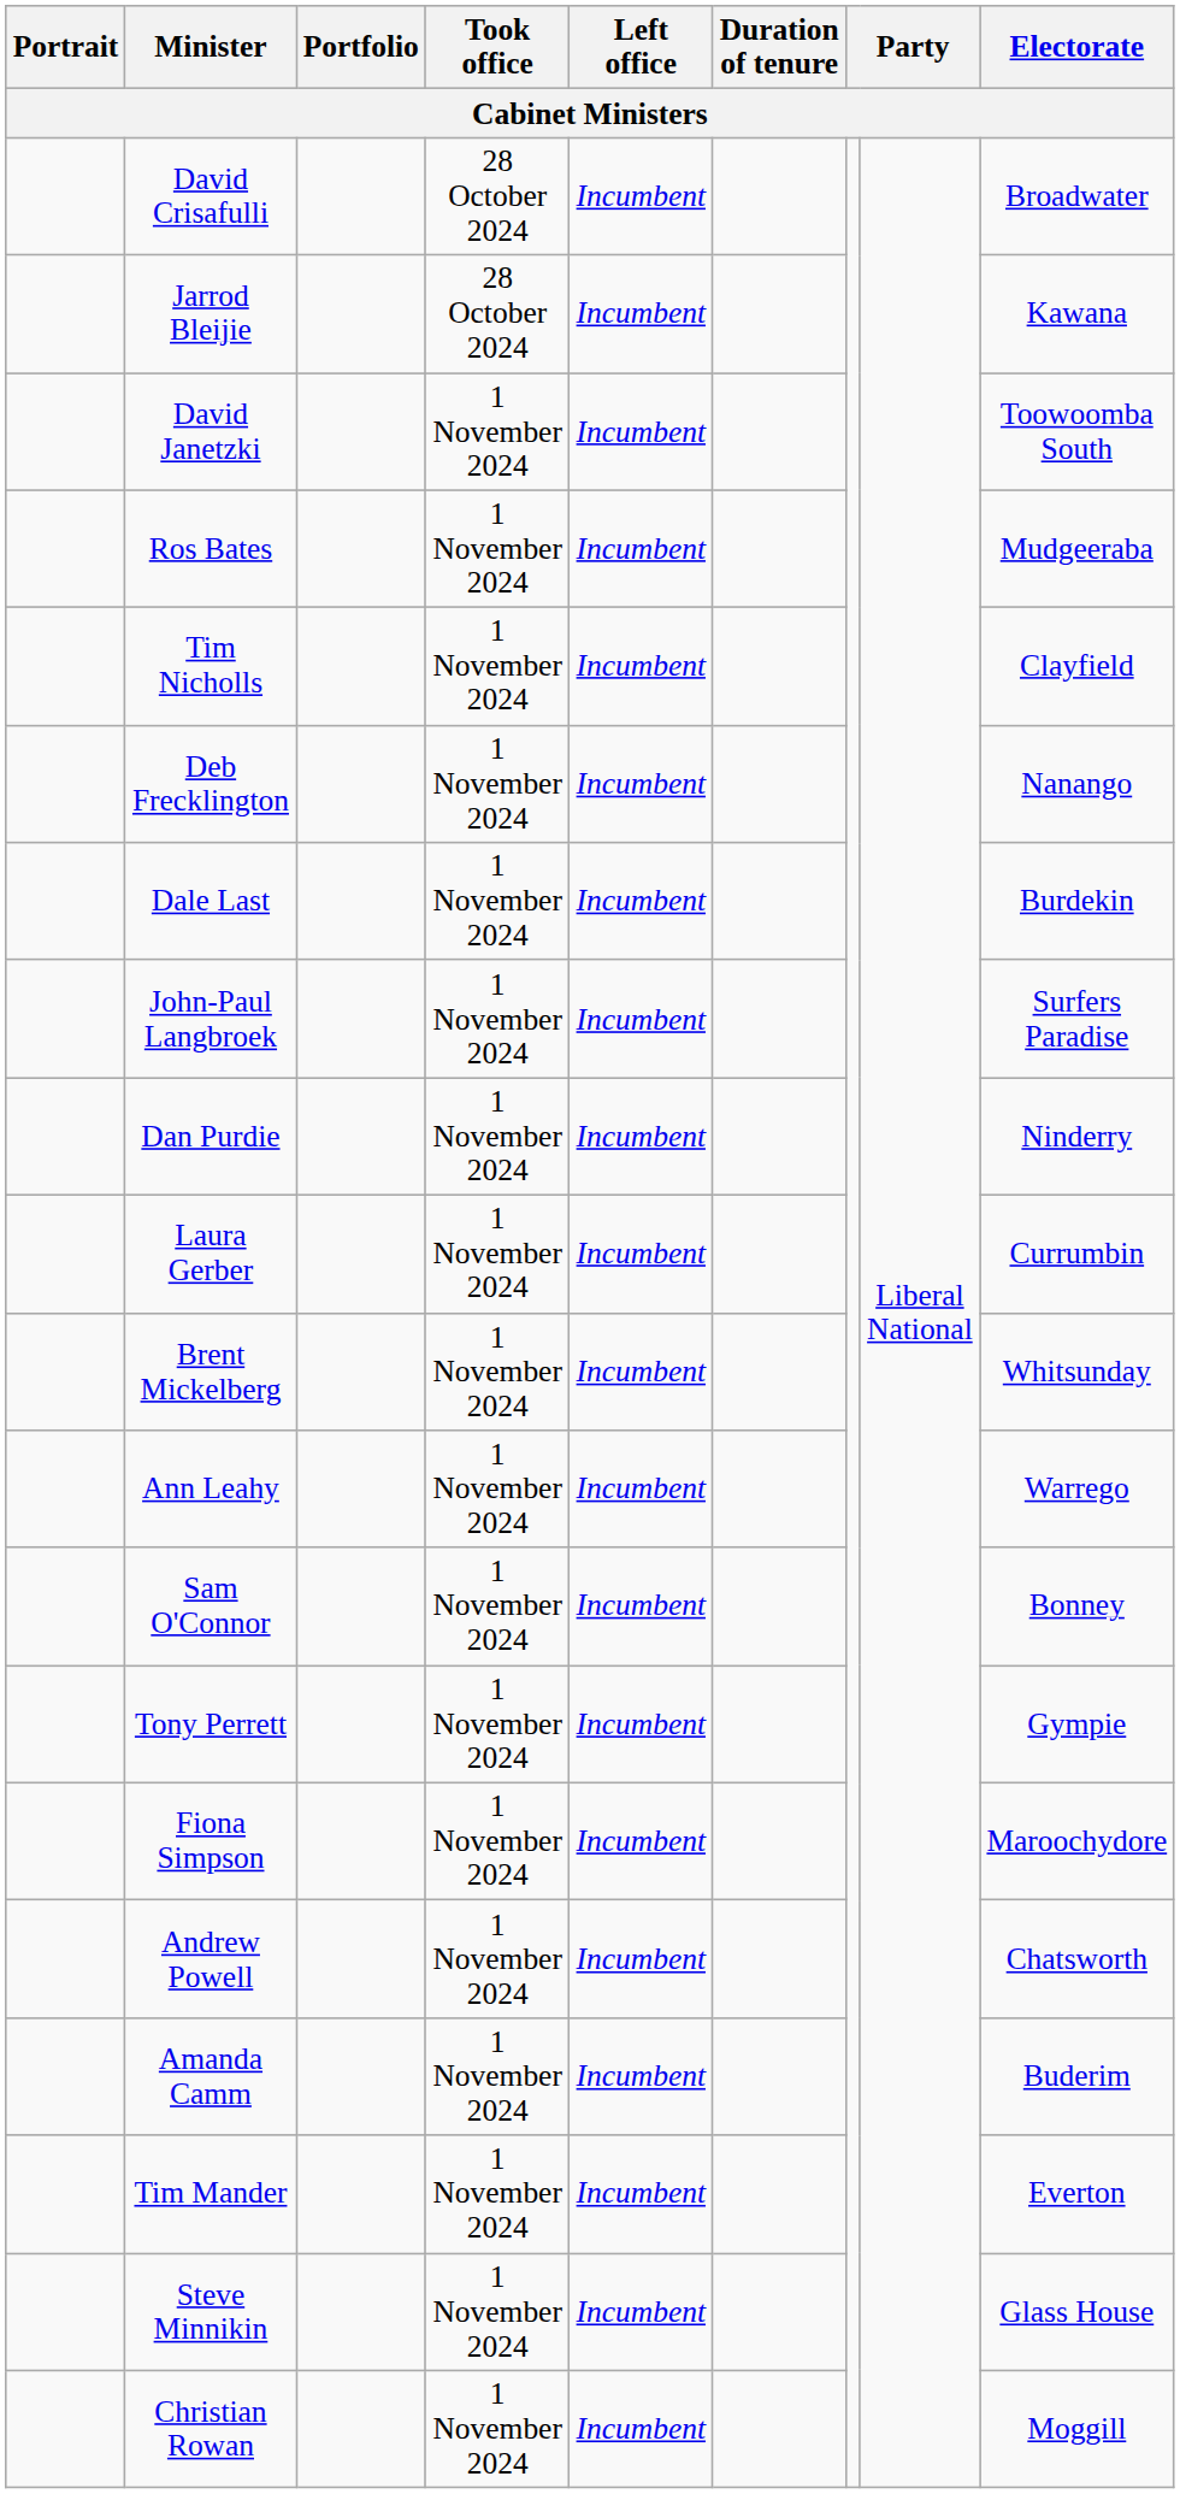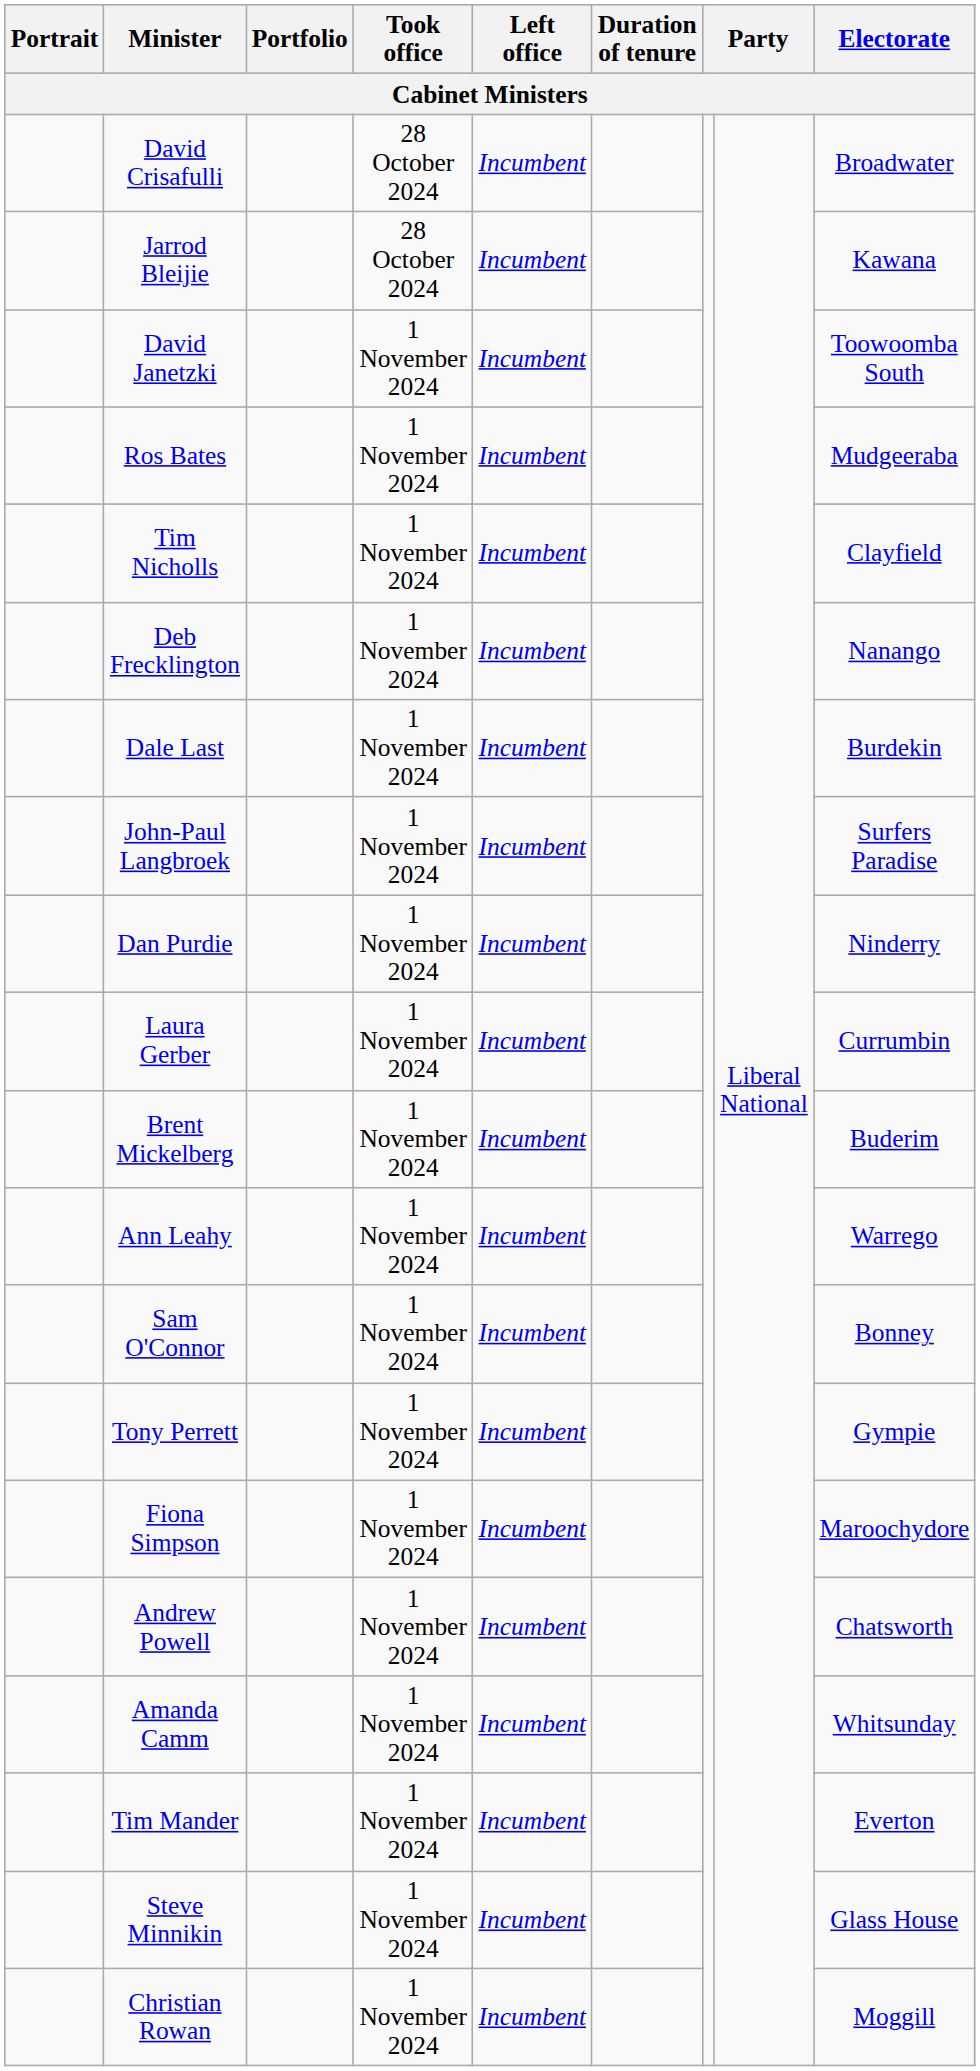 <table class="wikitable sortable" style="border:#555; text-align:center; ">
 <tr>
 <th class="unsortable" style="width:100px;">Portrait</th>
 <th>Minister</th>
 <th>Portfolio</th>
 <th>Took office</th>
 <th>Left office</th>
 <th>Duration of tenure</th>
 <th colspan="2" class="unsortable" style="width:5px;">Party</th>
 <th><a href='#'>Electorate</a></th>
 </tr>
 <tr>
 <th colspan="9">Cabinet Ministers</th>
 </tr>
 <tr>
 <td></td>
 <td><a href='#'>David Crisafulli</a></td>
 <td></td>
 <td>28 October 2024</td>
 <td><em><a href='#'>Incumbent</a></em></td>
 <td></td>
 <td rowspan=20; style="background-color: "></td>
 <td rowspan="20"><a href='#'>Liberal National</a></td>
 <td><a href='#'>Broadwater</a></td>
 </tr>
 <tr>
 <td></td>
 <td><a href='#'>Jarrod Bleijie</a></td>
 <td></td>
 <td>28 October 2024</td>
 <td><em><a href='#'>Incumbent</a></em></td>
 <td></td>
 <td><a href='#'>Kawana</a></td>
 </tr>
 <tr>
 <td></td>
 <td><a href='#'>David Janetzki</a></td>
 <td></td>
 <td>1 November 2024</td>
 <td><em><a href='#'>Incumbent</a></em></td>
 <td></td>
 <td><a href='#'>Toowoomba South</a></td>
 </tr>
 <tr>
 <td></td>
 <td><a href='#'>Ros Bates</a></td>
 <td></td>
 <td>1 November 2024</td>
 <td><em><a href='#'>Incumbent</a></em></td>
 <td></td>
 <td><a href='#'>Mudgeeraba</a></td>
 </tr>
 <tr>
 <td></td>
 <td><a href='#'>Tim Nicholls</a></td>
 <td></td>
 <td>1 November 2024</td>
 <td><em><a href='#'>Incumbent</a></em></td>
 <td></td>
 <td><a href='#'>Clayfield</a></td>
 </tr>
 <tr>
 <td></td>
 <td><a href='#'>Deb Frecklington</a></td>
 <td></td>
 <td>1 November 2024</td>
 <td><em><a href='#'>Incumbent</a></em></td>
 <td></td>
 <td><a href='#'>Nanango</a></td>
 </tr>
 <tr>
 <td></td>
 <td><a href='#'>Dale Last</a></td>
 <td></td>
 <td>1 November 2024</td>
 <td><em><a href='#'>Incumbent</a></em></td>
 <td></td>
 <td><a href='#'>Burdekin</a></td>
 </tr>
 <tr>
 <td></td>
 <td><a href='#'>John-Paul Langbroek</a></td>
 <td></td>
 <td>1 November 2024</td>
 <td><em><a href='#'>Incumbent</a></em></td>
 <td></td>
 <td><a href='#'>Surfers Paradise</a></td>
 </tr>
 <tr>
 <td></td>
 <td><a href='#'>Dan Purdie</a></td>
 <td></td>
 <td>1 November 2024</td>
 <td><em><a href='#'>Incumbent</a></em></td>
 <td></td>
 <td><a href='#'>Ninderry</a></td>
 </tr>
 <tr>
 <td></td>
 <td><a href='#'>Laura Gerber</a></td>
 <td></td>
 <td>1 November 2024</td>
 <td><em><a href='#'>Incumbent</a></em></td>
 <td></td>
 <td><a href='#'>Currumbin</a></td>
 </tr>
 <tr>
 <td></td>
 <td><a href='#'>Brent Mickelberg</a></td>
 <td></td>
 <td>1 November 2024</td>
 <td><em><a href='#'>Incumbent</a></em></td>
 <td></td>
-<td><a href='#'>Whitsunday</a></td>
+<td><a href='#'>Buderim</a></td>
 </tr>
 <tr>
 <td></td>
 <td><a href='#'>Ann Leahy</a></td>
 <td></td>
 <td>1 November 2024</td>
 <td><em><a href='#'>Incumbent</a></em></td>
 <td></td>
 <td><a href='#'>Warrego</a></td>
 </tr>
 <tr>
 <td></td>
 <td><a href='#'>Sam O'Connor</a></td>
 <td></td>
 <td>1 November 2024</td>
 <td><em><a href='#'>Incumbent</a></em></td>
 <td></td>
 <td><a href='#'>Bonney</a></td>
 </tr>
 <tr>
 <td></td>
 <td><a href='#'>Tony Perrett</a></td>
 <td></td>
 <td>1 November 2024</td>
 <td><em><a href='#'>Incumbent</a></em></td>
 <td></td>
 <td><a href='#'>Gympie</a></td>
 </tr>
 <tr>
 <td></td>
 <td><a href='#'>Fiona Simpson</a></td>
 <td></td>
 <td>1 November 2024</td>
 <td><em><a href='#'>Incumbent</a></em></td>
 <td></td>
 <td><a href='#'>Maroochydore</a></td>
 </tr>
 <tr>
 <td></td>
 <td><a href='#'>Andrew Powell</a></td>
 <td></td>
 <td>1 November 2024</td>
 <td><em><a href='#'>Incumbent</a></em></td>
 <td></td>
 <td><a href='#'>Chatsworth</a></td>
 </tr>
 <tr>
 <td></td>
 <td><a href='#'>Amanda Camm</a></td>
 <td></td>
 <td>1 November 2024</td>
 <td><em><a href='#'>Incumbent</a></em></td>
 <td></td>
-<td><a href='#'>Buderim</a></td>
+<td><a href='#'>Whitsunday</a></td>
 </tr>
 <tr>
 <td></td>
 <td><a href='#'>Tim Mander</a></td>
 <td></td>
 <td>1 November 2024</td>
 <td><em><a href='#'>Incumbent</a></em></td>
 <td></td>
 <td><a href='#'>Everton</a></td>
 </tr>
 <tr>
 <td></td>
 <td><a href='#'>Steve Minnikin</a></td>
 <td></td>
 <td>1 November 2024</td>
 <td><em><a href='#'>Incumbent</a></em></td>
 <td></td>
 <td><a href='#'>Glass House</a></td>
 </tr>
 <tr>
 <td></td>
 <td><a href='#'>Christian Rowan</a></td>
 <td></td>
 <td>1 November 2024</td>
 <td><em><a href='#'>Incumbent</a></em></td>
 <td></td>
 <td><a href='#'>Moggill</a></td>
 </tr>
 </table>
